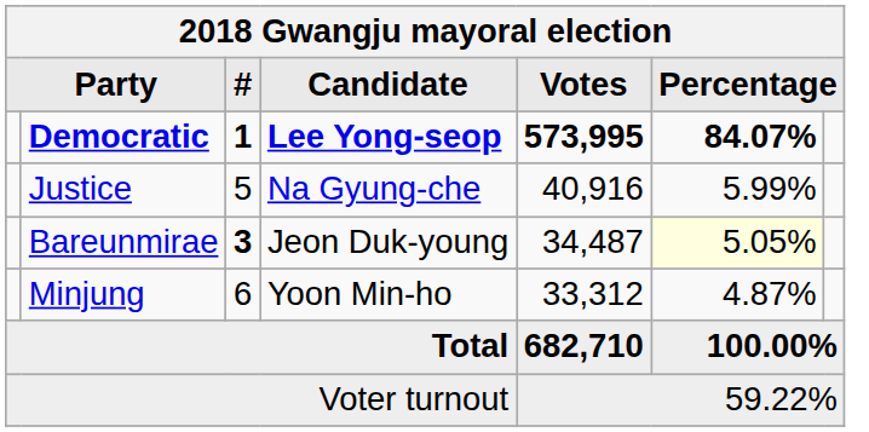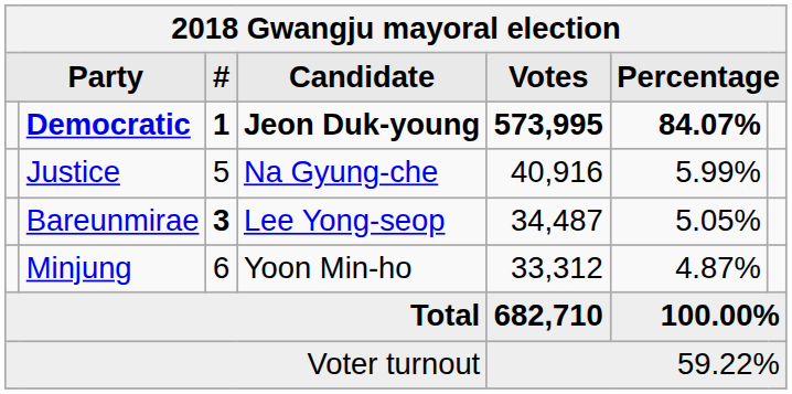 <table class="wikitable">
 <tr>
 <th colspan="7">2018 Gwangju mayoral election</th>
 </tr>
 <tr>
 <th style="background-color:#E9E9E9" colspan=2>Party</th>
 <th style="background-color:#E9E9E9">#</th>
 <th style="background-color:#E9E9E9">Candidate</th>
 <th style="background-color:#E9E9E9">Votes</th>
 <th style="background-color:#E9E9E9" colspan=2>Percentage</th>
 </tr>
 <tr style="font-weight:bold">
 <td></td>
 <td align=left><a href='#'>Democratic</a></td>
 <td align=center>1</td>
-<td align=left><a href='#'>Lee Yong-seop</a></td>
+<td align=left>Jeon Duk-young</td>
 <td align=right>573,995</td>
 <td align=right>84.07%</td>
 <td align=right></td>
 </tr>
 <tr>
 <td></td>
 <td align=left><a href='#'>Justice</a></td>
 <td align=center>5</td>
 <td align=left><a href='#'>Na Gyung-che</a></td>
 <td align=right>40,916</td>
 <td align=right>5.99%</td>
 <td align=right></td>
 </tr>
 <tr>
 <td></td>
 <td align=left><a href='#'>Bareunmirae</a></td>
 <td align=center><strong>3</strong></td>
-<td align=left>Jeon Duk-young</td>
+<td align=left><a href='#'>Lee Yong-seop</a></td>
 <td align=right>34,487</td>
-<td align=right style="background: lightyellow;">5.05%</td>
+<td align=right>5.05%</td>
 <td align=right></td>
 </tr>
 <tr>
 <td></td>
 <td align=left><a href='#'>Minjung</a></td>
 <td align=center>6</td>
 <td align=left>Yoon Min-ho</td>
 <td align=right>33,312</td>
 <td align=right>4.87%</td>
 <td align=right></td>
 </tr>
 <tr bgcolor="#EEEEEE" style="font-weight:bold">
 <td colspan="4" align=right>Total</td>
 <td align=right>682,710</td>
 <td align=right colspan=2>100.00%</td>
 </tr>
 <tr bgcolor="#EEEEEE">
 <td colspan="4" align="right">Voter turnout</td>
 <td colspan="3" align="right">59.22%</td>
 </tr>
 </table>
